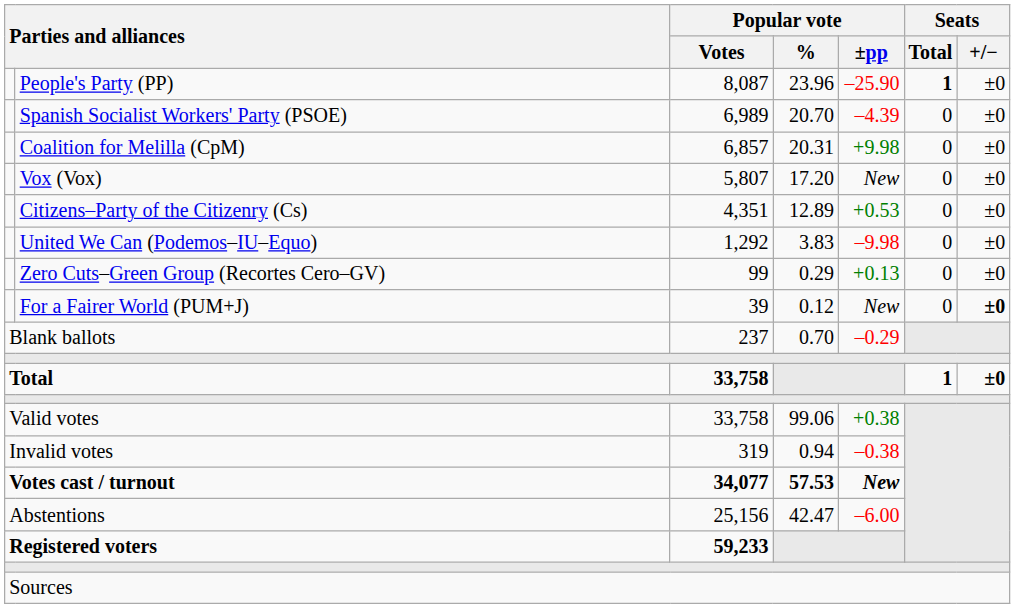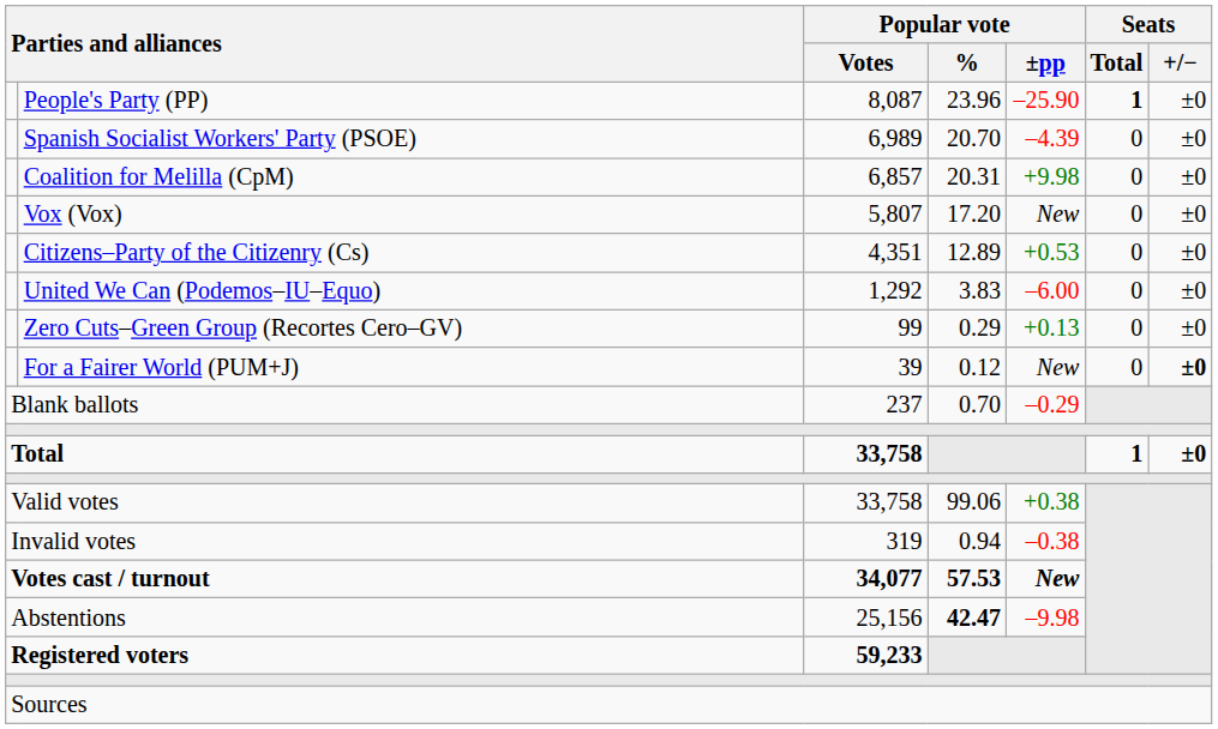 <table class="wikitable" style="text-align:right;">
 <tr>
 <th style="text-align:left;" rowspan="2" colspan="2" width="525">Parties and alliances</th>
 <th colspan="3">Popular vote</th>
 <th colspan="2">Seats</th>
 </tr>
 <tr>
 <th width="75">Votes</th>
 <th width="45">%</th>
 <th width="45">±<a href='#'>pp</a></th>
 <th width="35">Total</th>
 <th width="35">+/−</th>
 </tr>
 <tr>
 <td width="1" style="color:inherit;background:"></td>
 <td align="left"><a href='#'>People's Party</a> (PP)</td>
 <td>8,087</td>
 <td>23.96</td>
 <td style="color:red;">–25.90</td>
 <td><strong>1</strong></td>
 <td>±0</td>
 </tr>
 <tr>
 <td style="color:inherit;background:"></td>
 <td align="left"><a href='#'>Spanish Socialist Workers' Party</a> (PSOE)</td>
 <td>6,989</td>
 <td>20.70</td>
 <td style="color:red;">–4.39</td>
 <td>0</td>
 <td>±0</td>
 </tr>
 <tr>
 <td style="color:inherit;background:"></td>
 <td align="left"><a href='#'>Coalition for Melilla</a> (CpM)</td>
 <td>6,857</td>
 <td>20.31</td>
 <td style="color:green;">+9.98</td>
 <td>0</td>
 <td>±0</td>
 </tr>
 <tr>
 <td style="color:inherit;background:"></td>
 <td align="left"><a href='#'>Vox</a> (Vox)</td>
 <td>5,807</td>
 <td>17.20</td>
 <td><em>New</em></td>
 <td>0</td>
 <td>±0</td>
 </tr>
 <tr>
 <td style="color:inherit;background:"></td>
 <td align="left"><a href='#'>Citizens–Party of the Citizenry</a> (Cs)</td>
 <td>4,351</td>
 <td>12.89</td>
 <td style="color:green;">+0.53</td>
 <td>0</td>
 <td>±0</td>
 </tr>
 <tr>
 <td style="color:inherit;background:"></td>
 <td align="left"><a href='#'>United We Can</a> (<a href='#'>Podemos</a>–<a href='#'>IU</a>–<a href='#'>Equo</a>)</td>
 <td>1,292</td>
 <td>3.83</td>
-<td style="color:red;">–9.98</td>
+<td style="color:red;">–6.00</td>
 <td>0</td>
 <td>±0</td>
 </tr>
 <tr>
 <td style="color:inherit;background:"></td>
 <td align="left"><a href='#'>Zero Cuts</a>–<a href='#'>Green Group</a> (Recortes Cero–GV)</td>
 <td>99</td>
 <td>0.29</td>
 <td style="color:green;">+0.13</td>
 <td>0</td>
 <td>±0</td>
 </tr>
 <tr>
 <td style="color:inherit;background:"></td>
 <td align="left"><a href='#'>For a Fairer World</a> (PUM+J)</td>
 <td>39</td>
 <td>0.12</td>
 <td><em>New</em></td>
 <td>0</td>
 <td><strong>±0</strong></td>
 </tr>
 <tr>
 <td align="left" colspan="2">Blank ballots</td>
 <td>237</td>
 <td>0.70</td>
 <td style="color:red;">–0.29</td>
 <td bgcolor="#E9E9E9" colspan="2"></td>
 </tr>
 <tr>
 <td colspan="7" bgcolor="#E9E9E9"></td>
 </tr>
 <tr style="font-weight:bold;">
 <td align="left" colspan="2">Total</td>
 <td>33,758</td>
 <td bgcolor="#E9E9E9" colspan="2"></td>
 <td>1</td>
 <td>±0</td>
 </tr>
 <tr>
 <td colspan="7" bgcolor="#E9E9E9"></td>
 </tr>
 <tr>
 <td align="left" colspan="2">Valid votes</td>
 <td>33,758</td>
 <td>99.06</td>
 <td style="color:green;">+0.38</td>
 <td bgcolor="#E9E9E9" colspan="2" rowspan="5"></td>
 </tr>
 <tr>
 <td align="left" colspan="2">Invalid votes</td>
 <td>319</td>
 <td>0.94</td>
 <td style="color:red;">–0.38</td>
 </tr>
 <tr style="font-weight:bold;">
 <td align="left" colspan="2">Votes cast / turnout</td>
 <td>34,077</td>
 <td>57.53</td>
 <td><em>New</em></td>
 </tr>
 <tr>
 <td align="left" colspan="2">Abstentions</td>
 <td>25,156</td>
-<td>42.47</td>
-<td style="color:red;">–6.00</td>
+<td><strong>42.47</strong></td>
+<td style="color:red;">–9.98</td>
 </tr>
 <tr style="font-weight:bold;">
 <td align="left" colspan="2">Registered voters</td>
 <td>59,233</td>
 <td bgcolor="#E9E9E9" colspan="2"></td>
 </tr>
 <tr>
 <td colspan="7" bgcolor="#E9E9E9"></td>
 </tr>
 <tr>
 <td align="left" colspan="7">Sources</td>
 </tr>
 </table>
